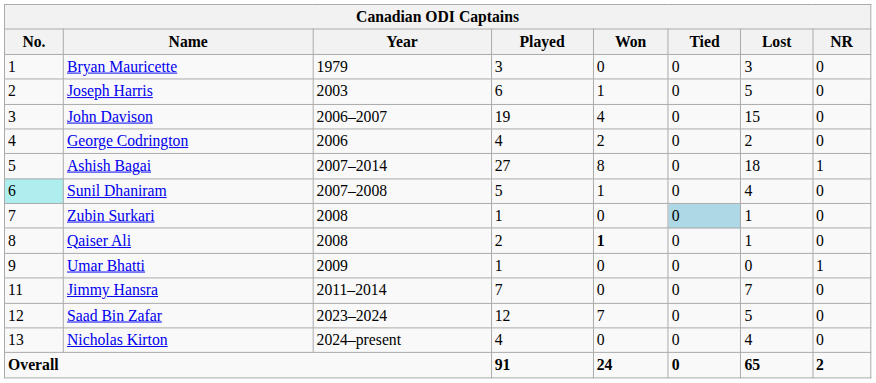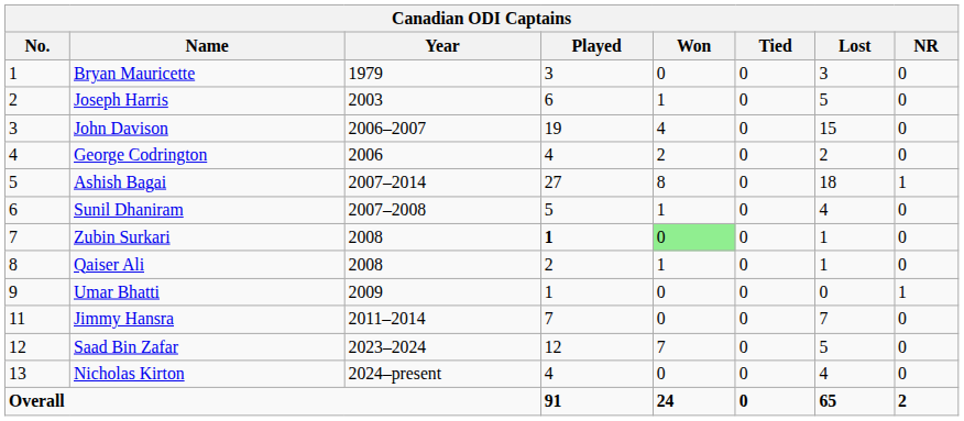 <table class="wikitable" width="70%">
 <tr>
 <th bgcolor="#efefef" colspan=9>Canadian ODI Captains</th>
 </tr>
 <tr bgcolor="#efefef">
 <th>No.</th>
 <th>Name</th>
 <th>Year</th>
 <th>Played</th>
 <th>Won</th>
 <th>Tied</th>
 <th>Lost</th>
 <th>NR</th>
 </tr>
 <tr>
 <td>1</td>
 <td><a href='#'>Bryan Mauricette</a></td>
 <td>1979</td>
 <td>3</td>
 <td>0</td>
 <td>0</td>
 <td>3</td>
 <td>0</td>
 </tr>
 <tr>
 <td>2</td>
 <td><a href='#'>Joseph Harris</a></td>
 <td>2003</td>
 <td>6</td>
 <td>1</td>
 <td>0</td>
 <td>5</td>
 <td>0</td>
 </tr>
 <tr>
 <td>3</td>
 <td><a href='#'>John Davison</a></td>
 <td>2006–2007</td>
 <td>19</td>
 <td>4</td>
 <td>0</td>
 <td>15</td>
 <td>0</td>
 </tr>
 <tr>
 <td>4</td>
 <td><a href='#'>George Codrington</a></td>
 <td>2006</td>
 <td>4</td>
 <td>2</td>
 <td>0</td>
 <td>2</td>
 <td>0</td>
 </tr>
 <tr>
 <td>5</td>
 <td><a href='#'>Ashish Bagai</a></td>
 <td>2007–2014</td>
 <td>27</td>
 <td>8</td>
 <td>0</td>
 <td>18</td>
 <td>1</td>
 </tr>
 <tr>
-<td style="background: paleturquoise;">6</td>
+<td>6</td>
 <td><a href='#'>Sunil Dhaniram</a></td>
 <td>2007–2008</td>
 <td>5</td>
 <td>1</td>
 <td>0</td>
 <td>4</td>
 <td>0</td>
 </tr>
 <tr>
 <td>7</td>
 <td><a href='#'>Zubin Surkari</a></td>
 <td>2008</td>
-<td>1</td>
+<td><strong>1</strong></td>
+<td style="background: lightgreen;">0</td>
 <td>0</td>
-<td style="background: lightblue;">0</td>
 <td>1</td>
 <td>0</td>
 </tr>
 <tr>
 <td>8</td>
 <td><a href='#'>Qaiser Ali</a></td>
 <td>2008</td>
 <td>2</td>
-<td><strong>1</strong></td>
+<td>1</td>
 <td>0</td>
 <td>1</td>
 <td>0</td>
 </tr>
 <tr>
 <td>9</td>
 <td><a href='#'>Umar Bhatti</a></td>
 <td>2009</td>
 <td>1</td>
 <td>0</td>
 <td>0</td>
 <td>0</td>
 <td>1</td>
 </tr>
 <tr>
 <td>11</td>
 <td><a href='#'>Jimmy Hansra</a></td>
 <td>2011–2014</td>
 <td>7</td>
 <td>0</td>
 <td>0</td>
 <td>7</td>
 <td>0</td>
 </tr>
 <tr>
 <td>12</td>
 <td><a href='#'>Saad Bin Zafar</a></td>
 <td>2023–2024</td>
 <td>12</td>
 <td>7</td>
 <td>0</td>
 <td>5</td>
 <td>0</td>
 </tr>
 <tr>
 <td>13</td>
 <td><a href='#'>Nicholas Kirton</a></td>
 <td>2024–present</td>
 <td>4</td>
 <td>0</td>
 <td>0</td>
 <td>4</td>
 <td>0</td>
 </tr>
 <tr>
 <td colspan=3><strong>Overall</strong></td>
 <td><strong>91</strong></td>
 <td><strong>24</strong></td>
 <td><strong>0</strong></td>
 <td><strong>65</strong></td>
 <td><strong>2</strong></td>
 </tr>
 </table>
